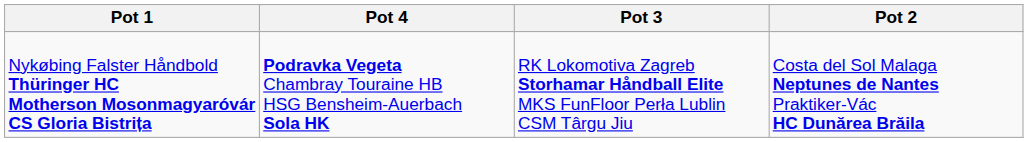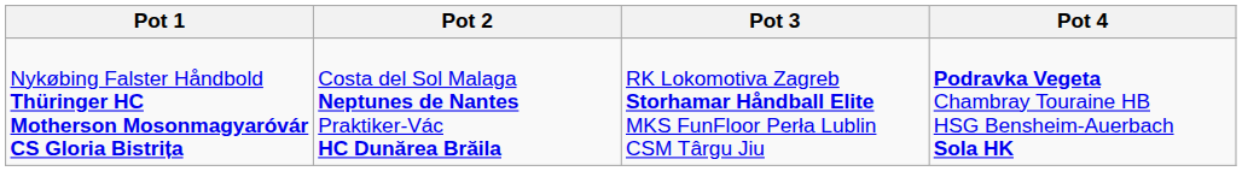 <table class="wikitable">
 <tr>
 <th width=25%>Pot 1</th>
+<th width=25%>Pot 2</th>
+<th width=25%>Pot 3</th>
 <th width=25%>Pot 4</th>
-<th width=25%>Pot 3</th>
-<th width=25%>Pot 2</th>
 </tr>
 <tr>
 <td><br> <a href='#'>Nykøbing Falster Håndbold</a><br>  <strong><a href='#'>Thüringer HC</a></strong><br>  <strong><a href='#'>Motherson Mosonmagyaróvár</a></strong><br>  <strong><a href='#'>CS Gloria Bistrița</a></strong></td>
+<td><br> <a href='#'>Costa del Sol Malaga</a><br>  <strong><a href='#'>Neptunes de Nantes</a></strong><br>  <a href='#'>Praktiker-Vác</a><br>  <strong><a href='#'>HC Dunărea Brăila</a></strong></td>
+<td><br> <a href='#'>RK Lokomotiva Zagreb</a><br>  <strong><a href='#'>Storhamar Håndball Elite</a></strong><br>  <a href='#'>MKS FunFloor Perła Lublin</a><br>  <a href='#'>CSM Târgu Jiu</a></td>
 <td><br> <strong><a href='#'>Podravka Vegeta</a></strong><br>  <a href='#'>Chambray Touraine HB</a><br>  <a href='#'>HSG Bensheim-Auerbach</a><br>  <strong><a href='#'>Sola HK</a></strong></td>
-<td><br> <a href='#'>RK Lokomotiva Zagreb</a><br>  <strong><a href='#'>Storhamar Håndball Elite</a></strong><br>  <a href='#'>MKS FunFloor Perła Lublin</a><br>  <a href='#'>CSM Târgu Jiu</a></td>
-<td><br> <a href='#'>Costa del Sol Malaga</a><br>  <strong><a href='#'>Neptunes de Nantes</a></strong><br>  <a href='#'>Praktiker-Vác</a><br>  <strong><a href='#'>HC Dunărea Brăila</a></strong></td>
 </tr>
 </table>
